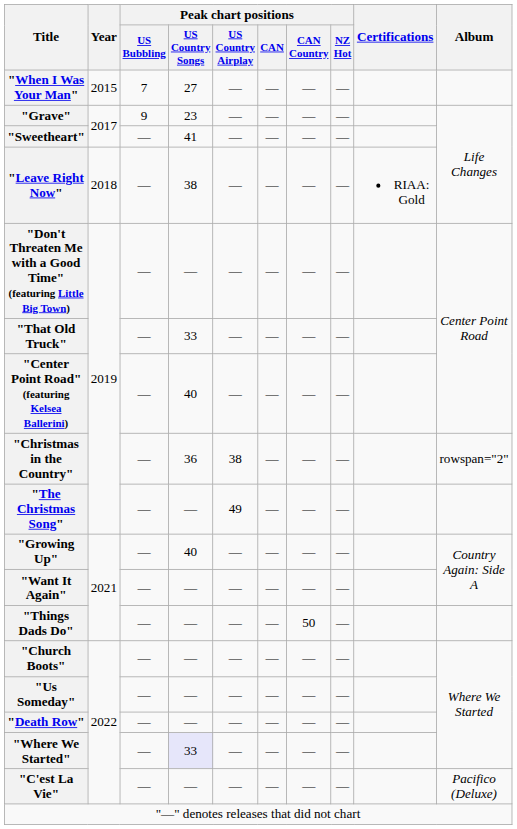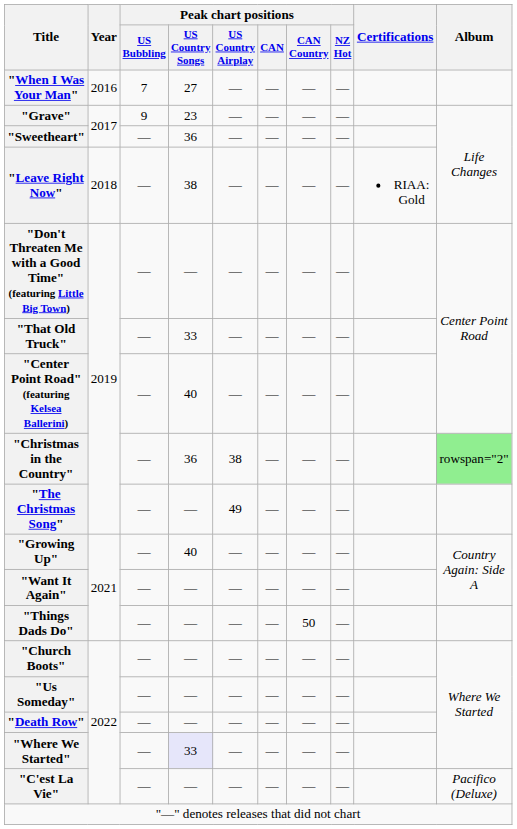 <table class="wikitable plainrowheaders" style="text-align:center;">
 <tr>
 <th rowspan="2" scope="col" style="width:18em;">Title</th>
 <th rowspan="2" scope="col">Year</th>
 <th scope="col" colspan="6">Peak chart positions</th>
 <th scope="col" rowspan="2" style="width:8em;"><a href='#'>Certifications</a></th>
 <th scope="col" rowspan="2">Album</th>
 </tr>
 <tr style="font-size:smaller;">
 <th scope="col" style="width:45px;"><a href='#'>US Bubbling</a><br></th>
 <th scope="col" style="width:45px;"><a href='#'>US Country Songs</a><br></th>
 <th scope="col" style="width:45px;"><a href='#'>US Country Airplay</a><br></th>
 <th scope="col" style="width:45px;"><a href='#'>CAN</a><br></th>
 <th scope="col" style="width:45px;"><a href='#'>CAN Country</a><br></th>
 <th scope="col" style="width:45px;"><a href='#'>NZ Hot</a><br></th>
 </tr>
 <tr>
 <th scope="row">"<a href='#'>When I Was Your Man</a>"</th>
-<td>2015</td>
+<td>2016</td>
 <td>7</td>
 <td>27</td>
 <td>—</td>
 <td>—</td>
 <td>—</td>
 <td>—</td>
 <td></td>
 <td></td>
 </tr>
 <tr>
 <th scope="row">"Grave"</th>
 <td rowspan="2">2017</td>
 <td>9</td>
 <td>23</td>
 <td>—</td>
 <td>—</td>
 <td>—</td>
 <td>—</td>
 <td></td>
 <td rowspan="3"><em>Life Changes</em></td>
 </tr>
 <tr>
 <th scope="row">"Sweetheart"</th>
 <td>—</td>
-<td>41</td>
+<td>36</td>
 <td>—</td>
 <td>—</td>
 <td>—</td>
 <td>—</td>
 </tr>
 <tr>
 <th scope="row">"<a href='#'>Leave Right Now</a>"</th>
 <td>2018</td>
 <td>—</td>
 <td>38</td>
 <td>—</td>
 <td>—</td>
 <td>—</td>
 <td>—</td>
 <td><br><ul><li>RIAA: Gold</li></ul></td>
 </tr>
 <tr>
 <th scope="row">"Don't Threaten Me with a Good Time" <small>(featuring <a href='#'>Little Big Town</a>)</small></th>
 <td rowspan="5">2019</td>
 <td>—</td>
 <td>—</td>
 <td>—</td>
 <td>—</td>
 <td>—</td>
 <td>—</td>
 <td></td>
 <td rowspan="3"><em>Center Point Road</em></td>
 </tr>
 <tr>
 <th scope="row">"That Old Truck"</th>
 <td>—</td>
 <td>33</td>
 <td>—</td>
 <td>—</td>
 <td>—</td>
 <td>—</td>
 <td></td>
 </tr>
 <tr>
 <th scope="row">"Center Point Road"<br><small>(featuring <a href='#'>Kelsea Ballerini</a>)</small></th>
 <td>—</td>
 <td>40</td>
 <td>—</td>
 <td>—</td>
 <td>—</td>
 <td>—</td>
 <td></td>
 </tr>
 <tr>
 <th scope="row">"Christmas in the Country"</th>
 <td>—</td>
 <td>36</td>
 <td>38</td>
 <td>—</td>
 <td>—</td>
 <td>—</td>
 <td></td>
-<td>rowspan="2" </td>
+<td style="background: lightgreen;">rowspan="2" </td>
 </tr>
 <tr>
 <th scope="row">"<a href='#'>The Christmas Song</a>"</th>
 <td>—</td>
 <td>—</td>
 <td>49</td>
 <td>—</td>
 <td>—</td>
 <td>—</td>
 <td></td>
 </tr>
 <tr>
 <th scope="row">"Growing Up"</th>
 <td rowspan="3">2021</td>
 <td>—</td>
 <td>40</td>
 <td>—</td>
 <td>—</td>
 <td>—</td>
 <td>—</td>
 <td></td>
 <td rowspan="2"><em>Country Again: Side A</em></td>
 </tr>
 <tr>
 <th scope="row">"Want It Again"</th>
 <td>—</td>
 <td>—</td>
 <td>—</td>
 <td>—</td>
 <td>—</td>
 <td>—</td>
 </tr>
 <tr>
 <th scope="row">"Things Dads Do"</th>
 <td>—</td>
 <td>—</td>
 <td>—</td>
 <td>—</td>
 <td>50</td>
 <td>—</td>
 <td></td>
 <td></td>
 </tr>
 <tr>
 <th scope="row">"Church Boots"</th>
 <td rowspan="5">2022</td>
 <td>—</td>
 <td>—</td>
 <td>—</td>
 <td>—</td>
 <td>—</td>
 <td>—</td>
 <td></td>
 <td rowspan="4"><em>Where We Started</em></td>
 </tr>
 <tr>
 <th scope="row">"Us Someday"</th>
 <td>—</td>
 <td>—</td>
 <td>—</td>
 <td>—</td>
 <td>—</td>
 <td>—</td>
 <td></td>
 </tr>
 <tr>
 <th scope="row">"<a href='#'>Death Row</a>"<br></th>
 <td>—</td>
 <td>—</td>
 <td>—</td>
 <td>—</td>
 <td>—</td>
 <td>—</td>
 <td></td>
 </tr>
 <tr>
 <th scope="row">"Where We Started"<br></th>
 <td>—</td>
 <td style="background: lavender;">33</td>
 <td>—</td>
 <td>—</td>
 <td>—</td>
 <td>—</td>
 <td></td>
 </tr>
 <tr>
 <th scope="row">"C'est La Vie"<br></th>
 <td>—</td>
 <td>—</td>
 <td>—</td>
 <td>—</td>
 <td>—</td>
 <td>—</td>
 <td></td>
 <td><em>Pacifico (Deluxe)</em></td>
 </tr>
 <tr>
 <td colspan="10">"—" denotes releases that did not chart</td>
 </tr>
 </table>
